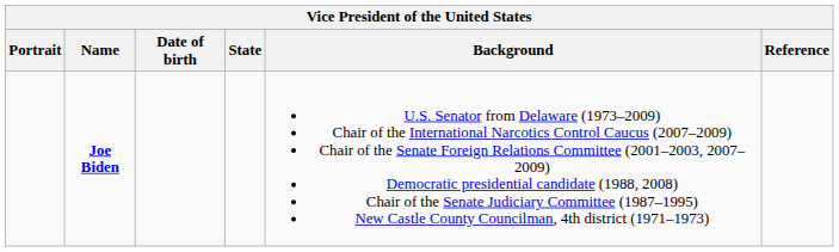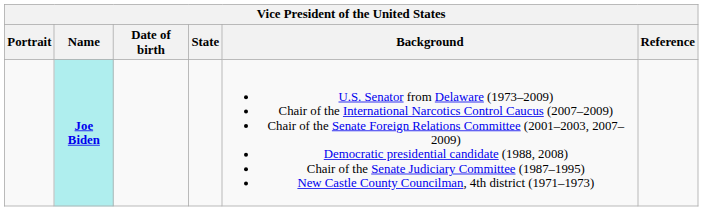 <table class="wikitable collapsible" style="text-align:center;">
 <tr>
 <th colspan="6">Vice President of the United States</th>
 </tr>
 <tr>
 <th>Portrait</th>
 <th>Name</th>
 <th>Date of birth</th>
 <th>State</th>
 <th>Background</th>
 <th>Reference</th>
 </tr>
 <tr>
 <td></td>
-<td><strong><a href='#'>Joe Biden</a></strong></td>
+<td style="background: paleturquoise;"><strong><a href='#'>Joe Biden</a></strong></td>
 <td></td>
 <td></td>
 <td><br><ul><li><a href='#'>U.S. Senator</a> from <a href='#'>Delaware</a> (1973–2009)</li><li>Chair of the <a href='#'>International Narcotics Control Caucus</a> (2007–2009)</li><li>Chair of the <a href='#'>Senate Foreign Relations Committee</a> (2001–2003, 2007–2009)</li><li><a href='#'>Democratic presidential candidate</a> (1988, 2008)</li><li>Chair of the <a href='#'>Senate Judiciary Committee</a> (1987–1995)</li><li><a href='#'>New Castle County Councilman</a>, 4th district (1971–1973)</li></ul></td>
 <td></td>
 </tr>
 </table>
